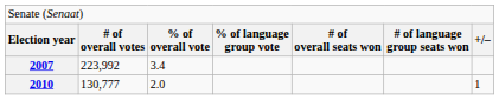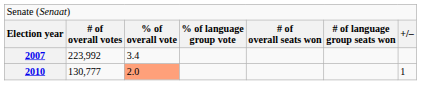 <table class=wikitable>
 <tr>
 <td colspan=8>Senate (<em>Senaat</em>)</td>
 </tr>
 <tr>
 <th>Election year</th>
 <th># of<br>overall votes</th>
 <th>% of<br>overall vote</th>
 <th>% of language<br>group vote</th>
 <th># of<br>overall seats won</th>
 <th># of language<br>group seats won</th>
 <th>+/–</th>
 </tr>
 <tr>
 <th><a href='#'>2007</a></th>
 <td>223,992</td>
 <td>3.4</td>
 <td></td>
 <td></td>
 <td><small></small></td>
 <td></td>
 </tr>
 <tr>
 <th><a href='#'>2010</a></th>
 <td>130,777</td>
-<td>2.0</td>
+<td style="background: lightsalmon;">2.0</td>
 <td></td>
 <td></td>
 <td><small></small></td>
 <td> 1</td>
 </tr>
 </table>
